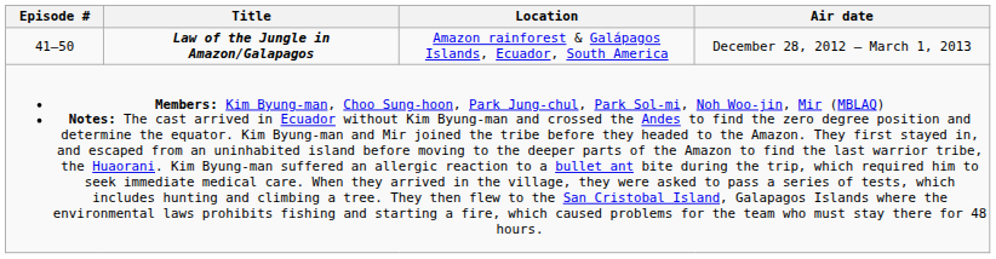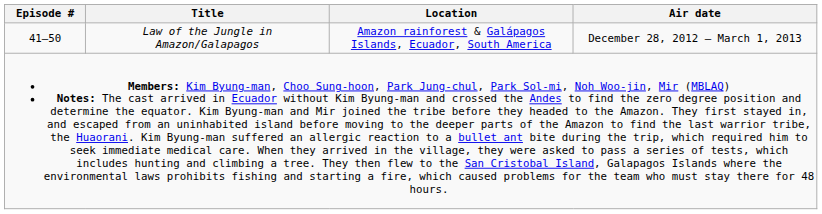 <table class="wikitable" style="text-align:center; font-size:90%; width:100%;">
 <tr>
 <th width="10%">Episode #</th>
 <th width="30%">Title</th>
 <th width="30%">Location</th>
 <th width="30%">Air date</th>
 </tr>
 <tr>
 <td>41–50</td>
-<td><strong><em>Law of the Jungle in Amazon/Galapagos</em></strong></td>
+<td><em>Law of the Jungle in Amazon/Galapagos</em></td>
 <td><a href='#'>Amazon rainforest</a> & <a href='#'>Galápagos Islands</a>, <a href='#'>Ecuador</a>, <a href='#'>South America</a></td>
 <td>December 28, 2012 – March 1, 2013</td>
 </tr>
 <tr>
 <td colspan="4"><br><ul><li><strong>Members:</strong> <a href='#'>Kim Byung-man</a>, <a href='#'>Choo Sung-hoon</a>, <a href='#'>Park Jung-chul</a>, <a href='#'>Park Sol-mi</a>, <a href='#'>Noh Woo-jin</a>, <a href='#'>Mir</a> (<a href='#'>MBLAQ</a>)</li><li><strong>Notes:</strong> The cast arrived in <a href='#'>Ecuador</a> without Kim Byung-man and crossed the <a href='#'>Andes</a> to find the zero degree position and determine the equator. Kim Byung-man and Mir joined the tribe before they headed to the Amazon. They first stayed in, and escaped from an uninhabited island before moving to the deeper parts of the Amazon to find the last warrior tribe, the <a href='#'>Huaorani</a>. Kim Byung-man suffered an allergic reaction to a <a href='#'>bullet ant</a> bite during the trip, which required him to seek immediate medical care. When they arrived in the village, they were asked to pass a series of tests, which includes hunting and climbing a tree. They then flew to the <a href='#'>San Cristobal Island</a>, Galapagos Islands where the environmental laws prohibits fishing and starting a fire, which caused problems for the team who must stay there for 48 hours.</li></ul></td>
 </tr>
 </table>
